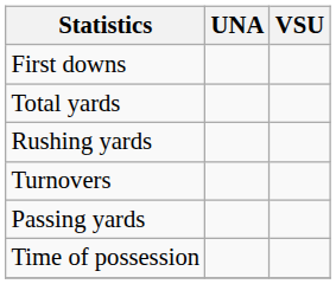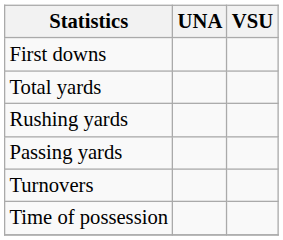 <table class="wikitable" style="float: left;">
 <tr>
 <th>Statistics</th>
 <th>UNA</th>
 <th>VSU</th>
 </tr>
 <tr>
 <td>First downs</td>
 <td></td>
 <td></td>
 </tr>
 <tr>
 <td>Total yards</td>
 <td></td>
 <td></td>
 </tr>
 <tr>
 <td>Rushing yards</td>
 <td></td>
 <td></td>
 </tr>
 <tr>
-<td>Turnovers</td>
+<td>Passing yards</td>
 <td></td>
 <td></td>
 </tr>
 <tr>
-<td>Passing yards</td>
+<td>Turnovers</td>
 <td></td>
 <td></td>
 </tr>
 <tr>
 <td>Time of possession</td>
 <td></td>
 <td></td>
 </tr>
 <tr>
 </tr>
 </table>
